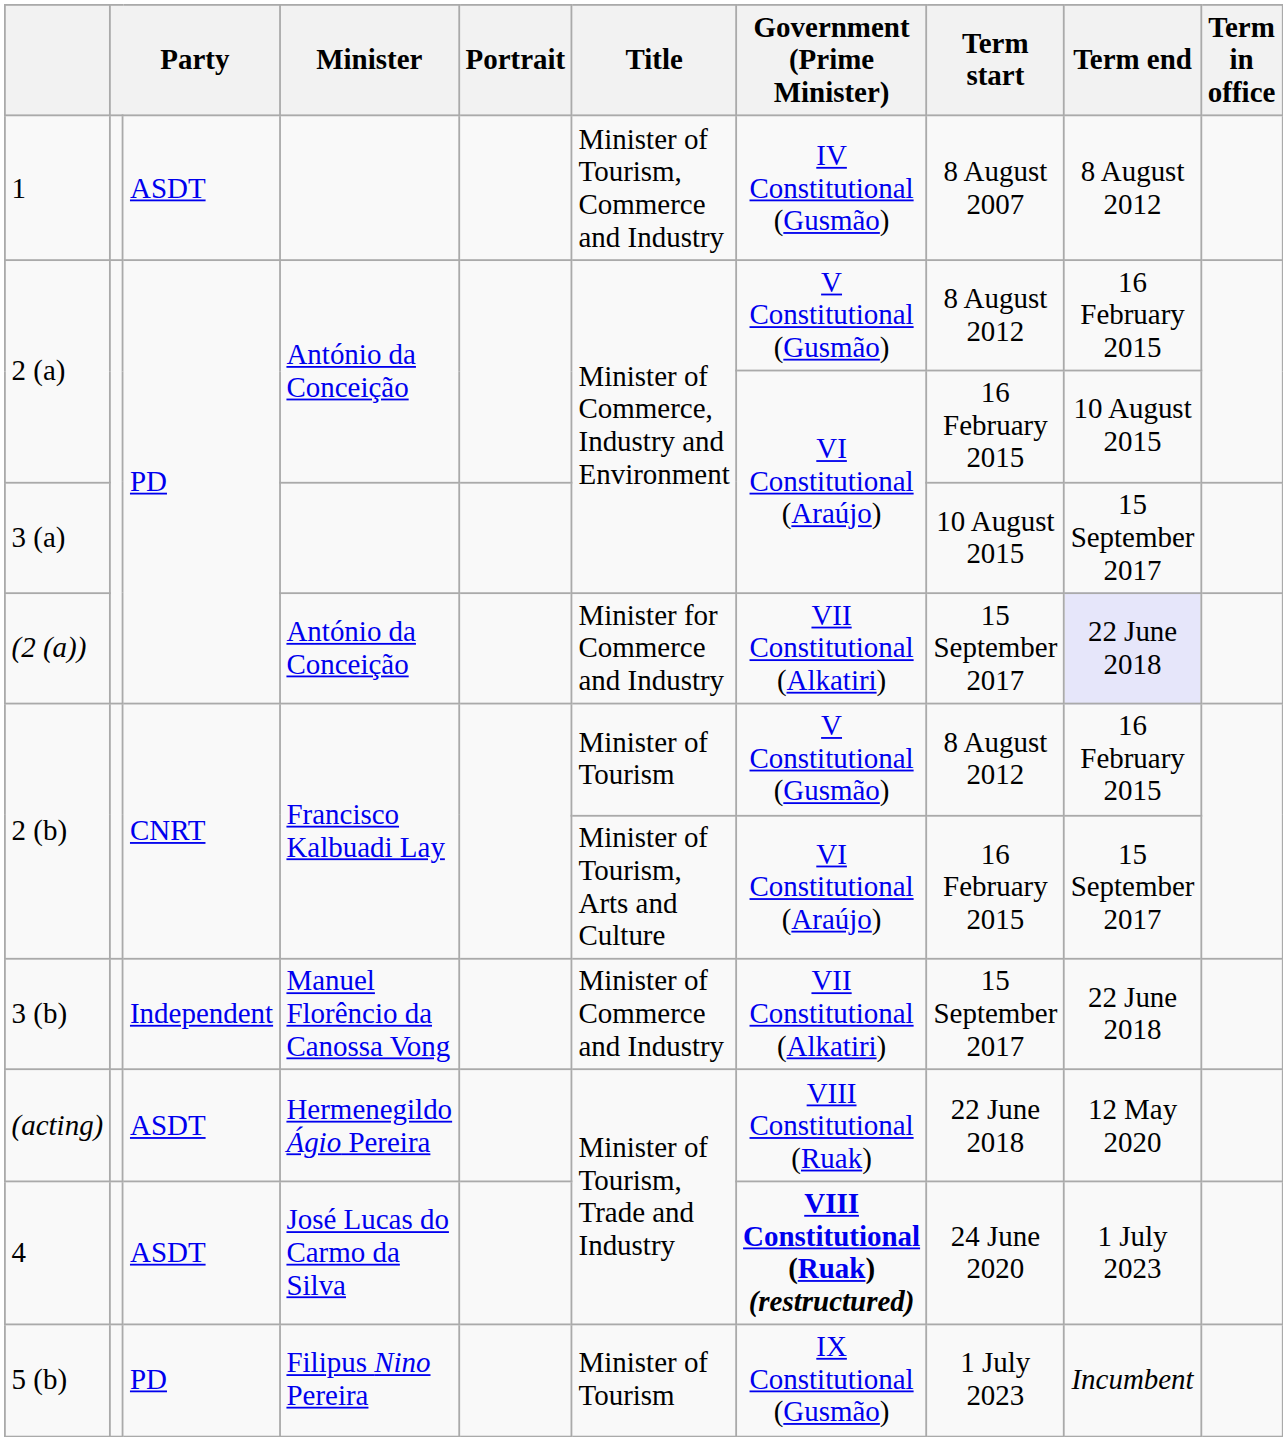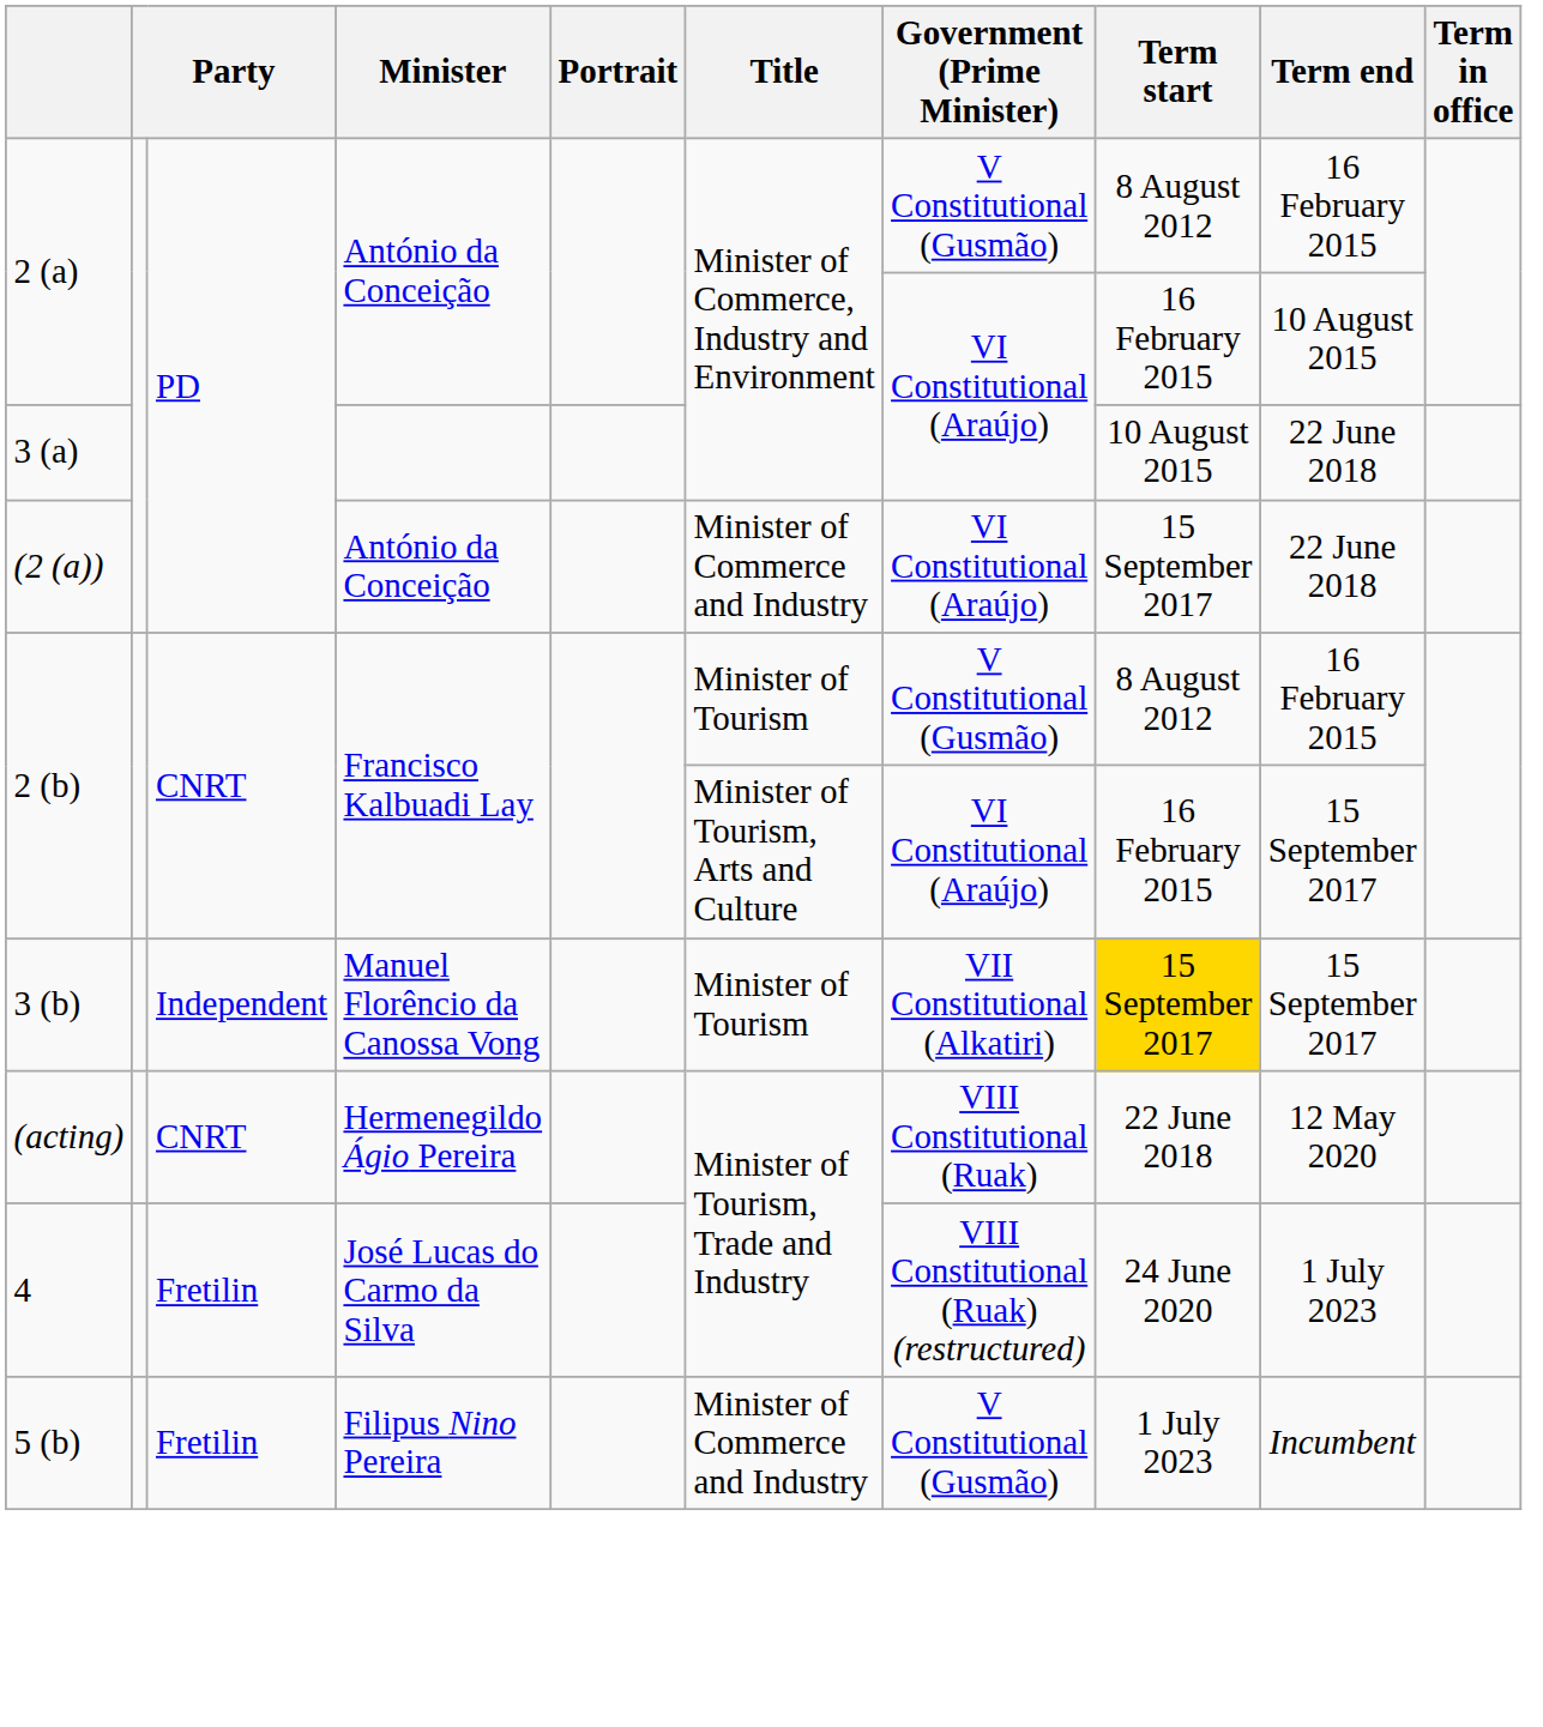 <table class="wikitable sortable">
 <tr>
 <th></th>
 <th colspan="2">Party</th>
 <th>Minister</th>
 <th>Portrait</th>
 <th>Title</th>
 <th>Government<br>(Prime Minister)</th>
 <th>Term start</th>
 <th>Term end</th>
 <th>Term in office</th>
-</tr>
-<tr>
-<td>1</td>
-<td></td>
-<td><a href='#'>ASDT</a></td>
-<td></td>
-<td></td>
-<td>Minister of Tourism, Commerce and Industry</td>
-<td align=center><a href='#'>IV Constitutional</a><br>(<a href='#'>Gusmão</a>)</td>
-<td align=center>8 August 2007</td>
-<td align=center>8 August 2012</td>
-<td align=right></td>
 </tr>
 <tr>
 <td rowspan=2>2 (a)</td>
 <td rowspan=4 style="background:"></td>
 <td rowspan=4><a href='#'>PD</a></td>
 <td rowspan=2><a href='#'>António da Conceição</a></td>
 <td rowspan=2></td>
 <td rowspan=3>Minister of Commerce, Industry and Environment</td>
 <td align=center><a href='#'>V Constitutional</a><br>(<a href='#'>Gusmão</a>)</td>
 <td align=center>8 August 2012</td>
 <td align=center>16 February 2015</td>
 <td rowspan=2 align=right></td>
 </tr>
 <tr>
 <td rowspan=2 align=center><a href='#'>VI Constitutional</a><br>(<a href='#'>Araújo</a>)</td>
 <td align=center>16 February 2015</td>
 <td align=center>10 August 2015</td>
 </tr>
 <tr>
 <td>3 (a)</td>
 <td></td>
 <td></td>
 <td align=center>10 August 2015</td>
-<td align=center>15 September 2017</td>
+<td align=center>22 June 2018</td>
 <td align=right></td>
 </tr>
 <tr>
 <td><em>(2 (a))</em></td>
 <td><a href='#'>António da Conceição</a></td>
 <td></td>
-<td>Minister for Commerce and Industry</td>
-<td align=center><a href='#'>VII Constitutional</a><br>(<a href='#'>Alkatiri</a>)</td>
+<td>Minister of Commerce and Industry</td>
+<td align=center><a href='#'>VI Constitutional</a><br>(<a href='#'>Araújo</a>)</td>
 <td align=center>15 September 2017</td>
-<td align=center style="background: lavender;">22 June 2018</td>
+<td align=center>22 June 2018</td>
 <td align=right></td>
 </tr>
 <tr>
 <td rowspan=2>2 (b)</td>
 <td rowspan=2 style="background:"></td>
 <td rowspan=2><a href='#'>CNRT</a></td>
 <td rowspan=2><a href='#'>Francisco Kalbuadi Lay</a></td>
 <td rowspan=2></td>
 <td>Minister of Tourism</td>
 <td align=center><a href='#'>V Constitutional</a><br>(<a href='#'>Gusmão</a>)</td>
 <td align=center>8 August 2012</td>
 <td align=center>16 February 2015</td>
 <td rowspan=2 align=right></td>
 </tr>
 <tr>
 <td>Minister of Tourism, Arts and Culture</td>
 <td align=center><a href='#'>VI Constitutional</a><br>(<a href='#'>Araújo</a>)</td>
 <td align=center>16 February 2015</td>
 <td align=center>15 September 2017</td>
 </tr>
 <tr>
 <td>3 (b)</td>
 <td style="background:"></td>
 <td><a href='#'>Independent</a></td>
 <td><a href='#'>Manuel Florêncio da Canossa Vong</a></td>
 <td></td>
-<td>Minister of Commerce and Industry</td>
+<td>Minister of Tourism</td>
 <td align=center><a href='#'>VII Constitutional</a><br>(<a href='#'>Alkatiri</a>)</td>
+<td align=center style="background: gold;">15 September 2017</td>
 <td align=center>15 September 2017</td>
-<td align=center>22 June 2018</td>
 <td align=right></td>
 </tr>
 <tr>
 <td><em>(acting)</em></td>
 <td style="background:"></td>
-<td><a href='#'>ASDT</a></td>
+<td><a href='#'>CNRT</a></td>
 <td><a href='#'>Hermenegildo <em>Ágio</em> Pereira</a></td>
 <td></td>
 <td rowspan=2>Minister of Tourism, Trade and Industry</td>
 <td align=center><a href='#'>VIII Constitutional</a><br>(<a href='#'>Ruak</a>)</td>
 <td align=center>22 June 2018</td>
 <td align=center>12 May 2020</td>
 <td align=right></td>
 </tr>
 <tr>
 <td>4</td>
 <td style="background:"></td>
-<td><a href='#'>ASDT</a></td>
+<td><a href='#'>Fretilin</a></td>
 <td><a href='#'>José Lucas do Carmo da Silva</a></td>
 <td></td>
-<td align=center><strong><a href='#'>VIII Constitutional</a><br>(<a href='#'>Ruak</a>)<br><em>(restructured)</em></strong></td>
+<td align=center><a href='#'>VIII Constitutional</a><br>(<a href='#'>Ruak</a>)<br><em>(restructured)</em></td>
 <td align=center>24 June 2020</td>
 <td align=center>1 July 2023</td>
 <td align=right></td>
 </tr>
 <tr>
 <td>5 (b)</td>
 <td style="background:"></td>
-<td><a href='#'>PD</a></td>
+<td><a href='#'>Fretilin</a></td>
 <td><a href='#'>Filipus <em>Nino</em> Pereira</a></td>
 <td></td>
-<td>Minister of Tourism</td>
-<td align=center><a href='#'>IX Constitutional</a><br>(<a href='#'>Gusmão</a>)</td>
+<td>Minister of Commerce and Industry</td>
+<td align=center><a href='#'>V Constitutional</a><br>(<a href='#'>Gusmão</a>)</td>
 <td align=center>1 July 2023</td>
 <td align=center><em>Incumbent</em></td>
 <td align=right></td>
 </tr>
 </table>
